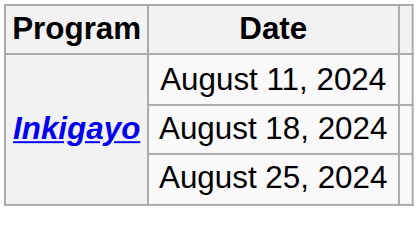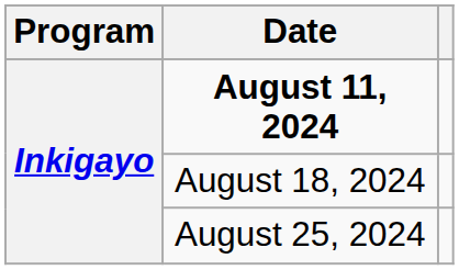 <table class="wikitable plainrowheaders sortable" style="text-align:center">
 <tr>
 <th scope="col">Program</th>
 <th scope="col" width="120">Date</th>
 <th scope="col" class="unsortable"></th>
 </tr>
 <tr>
 <th rowspan="3" scope="row"><em><a href='#'>Inkigayo</a></em></th>
-<td>August 11, 2024</td>
+<td><strong>August 11, 2024</strong></td>
 <td></td>
 </tr>
 <tr>
 <td>August 18, 2024</td>
 <td></td>
 </tr>
 <tr>
 <td>August 25, 2024</td>
 <td></td>
 </tr>
 </table>
